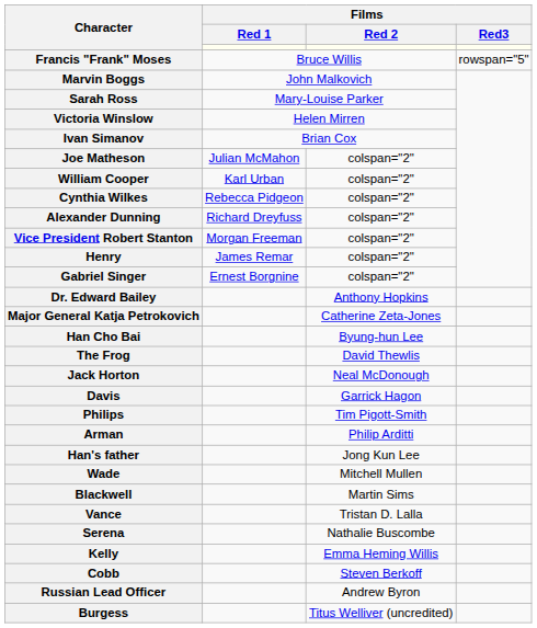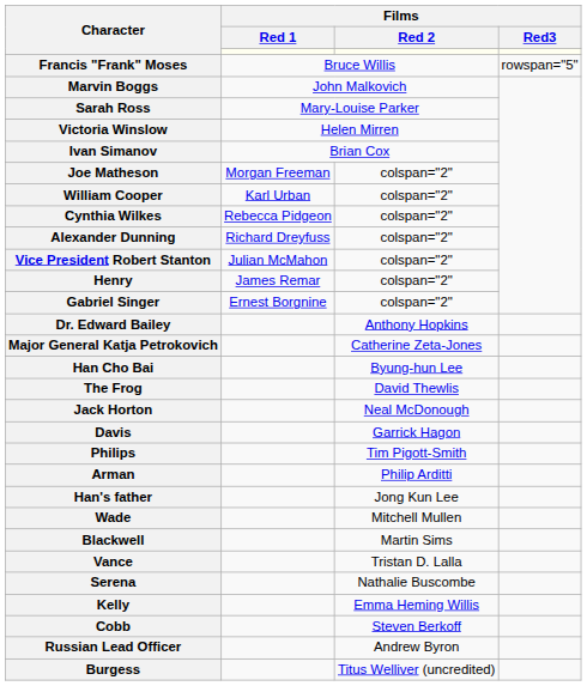 <table class="wikitable" style="text-align:center;">
 <tr>
 <th rowspan="3">Character</th>
 <th colspan="3">Films</th>
 </tr>
 <tr>
 <th><a href='#'>Red 1</a></th>
 <th><a href='#'>Red 2</a></th>
 <th><a href='#'>Red3</a></th>
 </tr>
 <tr>
 <th style="background:ivory;"></th>
 <th style="background:ivory;"></th>
 <th style="background:ivory;"></th>
 </tr>
 <tr>
 <th>Francis "Frank" Moses</th>
 <td colspan="2"><a href='#'>Bruce Willis</a></td>
 <td>rowspan="5" </td>
 </tr>
 <tr>
 <th>Marvin Boggs</th>
 <td colspan="2"><a href='#'>John Malkovich</a></td>
 </tr>
 <tr>
 <th>Sarah Ross</th>
 <td colspan="2"><a href='#'>Mary-Louise Parker</a></td>
 </tr>
 <tr>
 <th>Victoria Winslow</th>
 <td colspan="2"><a href='#'>Helen Mirren</a></td>
 </tr>
 <tr>
 <th>Ivan Simanov</th>
 <td colspan="2"><a href='#'>Brian Cox</a></td>
 </tr>
 <tr>
 <th>Joe Matheson</th>
-<td><a href='#'>Julian McMahon</a></td>
+<td><a href='#'>Morgan Freeman</a></td>
 <td>colspan="2" </td>
 </tr>
 <tr>
 <th>William Cooper</th>
 <td><a href='#'>Karl Urban</a></td>
 <td>colspan="2" </td>
 </tr>
 <tr>
 <th>Cynthia Wilkes</th>
 <td><a href='#'>Rebecca Pidgeon</a></td>
 <td>colspan="2" </td>
 </tr>
 <tr>
 <th>Alexander Dunning</th>
 <td><a href='#'>Richard Dreyfuss</a></td>
 <td>colspan="2" </td>
 </tr>
 <tr>
 <th><a href='#'>Vice President</a> Robert Stanton</th>
-<td><a href='#'>Morgan Freeman</a></td>
+<td><a href='#'>Julian McMahon</a></td>
 <td>colspan="2" </td>
 </tr>
 <tr>
 <th>Henry</th>
 <td><a href='#'>James Remar</a></td>
 <td>colspan="2" </td>
 </tr>
 <tr>
 <th>Gabriel Singer</th>
 <td><a href='#'>Ernest Borgnine</a></td>
 <td>colspan="2" </td>
 </tr>
 <tr>
 <th>Dr. Edward Bailey</th>
 <td></td>
 <td><a href='#'>Anthony Hopkins</a></td>
 <td></td>
 </tr>
 <tr>
 <th>Major General Katja Petrokovich</th>
 <td></td>
 <td><a href='#'>Catherine Zeta-Jones</a></td>
 <td></td>
 </tr>
 <tr>
 <th>Han Cho Bai</th>
 <td></td>
 <td><a href='#'>Byung-hun Lee</a></td>
 <td></td>
 </tr>
 <tr>
 <th>The Frog</th>
 <td></td>
 <td><a href='#'>David Thewlis</a></td>
 <td></td>
 </tr>
 <tr>
 <th>Jack Horton</th>
 <td></td>
 <td><a href='#'>Neal McDonough</a></td>
 <td></td>
 </tr>
 <tr>
 <th>Davis</th>
 <td></td>
 <td><a href='#'>Garrick Hagon</a></td>
 <td></td>
 </tr>
 <tr>
 <th>Philips</th>
 <td></td>
 <td><a href='#'>Tim Pigott-Smith</a></td>
 <td></td>
 </tr>
 <tr>
 <th>Arman</th>
 <td></td>
 <td><a href='#'>Philip Arditti</a></td>
 <td></td>
 </tr>
 <tr>
 <th>Han's father</th>
 <td></td>
 <td>Jong Kun Lee</td>
 <td></td>
 </tr>
 <tr>
 <th>Wade</th>
 <td></td>
 <td>Mitchell Mullen</td>
 <td></td>
 </tr>
 <tr>
 <th>Blackwell</th>
 <td></td>
 <td>Martin Sims</td>
 <td></td>
 </tr>
 <tr>
 <th>Vance</th>
 <td></td>
 <td>Tristan D. Lalla</td>
 <td></td>
 </tr>
 <tr>
 <th>Serena</th>
 <td></td>
 <td>Nathalie Buscombe</td>
 <td></td>
 </tr>
 <tr>
 <th>Kelly</th>
 <td></td>
 <td><a href='#'>Emma Heming Willis</a></td>
 <td></td>
 </tr>
 <tr>
 <th>Cobb</th>
 <td></td>
 <td><a href='#'>Steven Berkoff</a></td>
 <td></td>
 </tr>
 <tr>
 <th>Russian Lead Officer</th>
 <td></td>
 <td>Andrew Byron</td>
 <td></td>
 </tr>
 <tr>
 <th>Burgess</th>
 <td></td>
 <td><a href='#'>Titus Welliver</a> (uncredited)</td>
 <td></td>
 </tr>
 </table>
